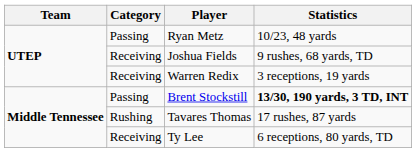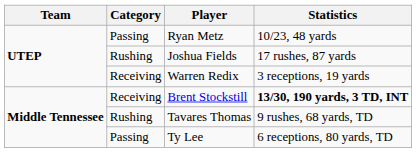 <table class="wikitable" style="float: left;">
 <tr>
 <th>Team</th>
 <th>Category</th>
 <th>Player</th>
 <th>Statistics</th>
 </tr>
 <tr>
 <td rowspan=3><strong>UTEP</strong></td>
 <td>Passing</td>
 <td>Ryan Metz</td>
 <td>10/23, 48 yards</td>
 </tr>
 <tr>
-<td>Receiving</td>
+<td>Rushing</td>
 <td>Joshua Fields</td>
-<td>9 rushes, 68 yards, TD</td>
+<td>17 rushes, 87 yards</td>
 </tr>
 <tr>
 <td>Receiving</td>
 <td>Warren Redix</td>
 <td>3 receptions, 19 yards</td>
 </tr>
 <tr>
 <td rowspan=3><strong>Middle Tennessee</strong></td>
-<td>Passing</td>
+<td>Receiving</td>
 <td><a href='#'>Brent Stockstill</a></td>
 <td><strong>13/30, 190 yards, 3 TD, INT</strong></td>
 </tr>
 <tr>
 <td>Rushing</td>
 <td>Tavares Thomas</td>
-<td>17 rushes, 87 yards</td>
+<td>9 rushes, 68 yards, TD</td>
 </tr>
 <tr>
-<td>Receiving</td>
+<td>Passing</td>
 <td>Ty Lee</td>
 <td>6 receptions, 80 yards, TD</td>
 </tr>
 </table>
